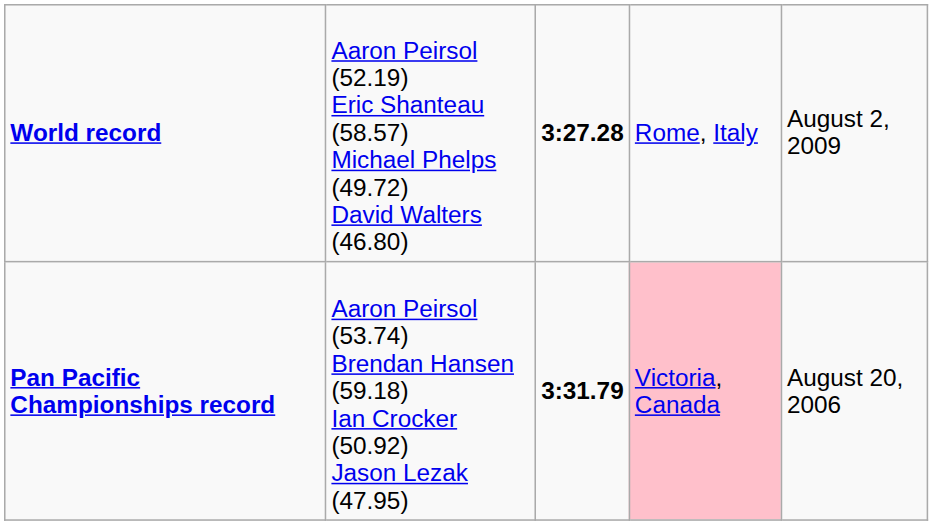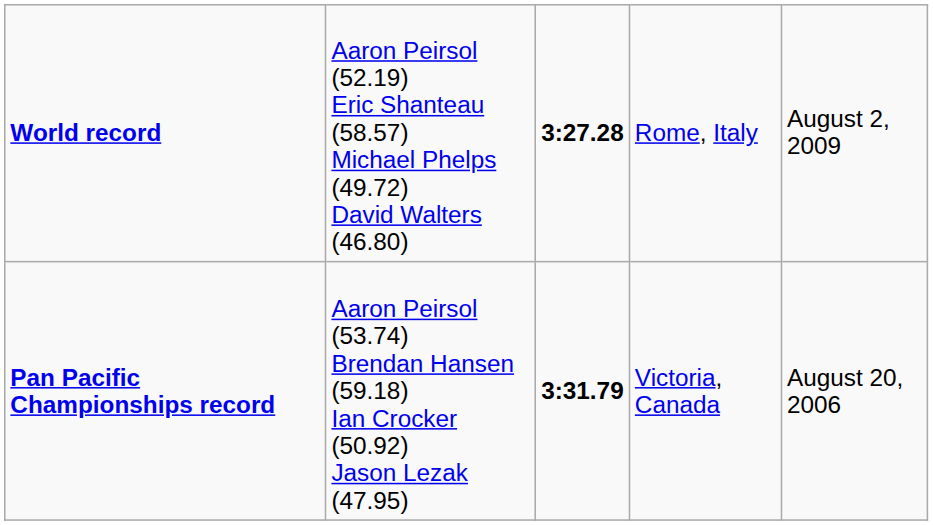 <table class="wikitable">
 <tr>
 <td><strong><a href='#'>World record</a></strong></td>
 <td><br><a href='#'>Aaron Peirsol</a> (52.19)<br><a href='#'>Eric Shanteau</a> (58.57)<br><a href='#'>Michael Phelps</a> (49.72)<br><a href='#'>David Walters</a> (46.80)</td>
 <td><strong>3:27.28</strong></td>
 <td><a href='#'>Rome</a>, <a href='#'>Italy</a></td>
 <td>August 2, 2009</td>
 </tr>
 <tr>
 <td><strong><a href='#'>Pan Pacific Championships record</a></strong></td>
 <td><br><a href='#'>Aaron Peirsol</a> (53.74)<br><a href='#'>Brendan Hansen</a> (59.18)<br><a href='#'>Ian Crocker</a> (50.92)<br><a href='#'>Jason Lezak</a> (47.95)</td>
 <td><strong>3:31.79</strong></td>
-<td style="background: pink;"><a href='#'>Victoria</a>, <a href='#'>Canada</a></td>
+<td><a href='#'>Victoria</a>, <a href='#'>Canada</a></td>
 <td>August 20, 2006</td>
 </tr>
 </table>
